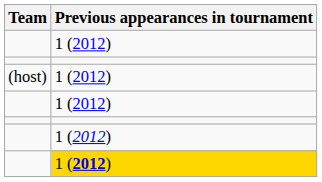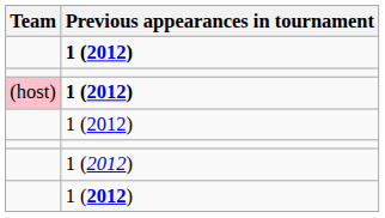 <table class="wikitable">
 <tr>
 <th>Team</th>
 <th>Previous appearances in tournament</th>
 </tr>
 <tr>
 <td></td>
-<td>1 (<a href='#'>2012</a>)</td>
+<td><strong>1 (<a href='#'>2012</a>)</strong></td>
 </tr>
 <tr>
 <td></td>
 <td></td>
 </tr>
 <tr>
-<td> (host)</td>
-<td>1 (<a href='#'>2012</a>)</td>
+<td style="background: pink;"> (host)</td>
+<td><strong>1 (<a href='#'>2012</a>)</strong></td>
 </tr>
 <tr>
 <td></td>
 <td>1 (<a href='#'>2012</a>)</td>
 </tr>
 <tr>
 <td></td>
 <td></td>
 </tr>
 <tr>
 <td></td>
 <td>1 (<em><a href='#'>2012</a></em>)</td>
 </tr>
 <tr>
 <td></td>
-<td style="background: gold;">1 (<strong><a href='#'>2012</a></strong>)</td>
+<td>1 (<strong><a href='#'>2012</a></strong>)</td>
 </tr>
 </table>
